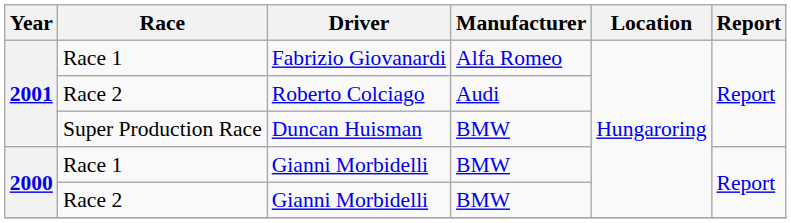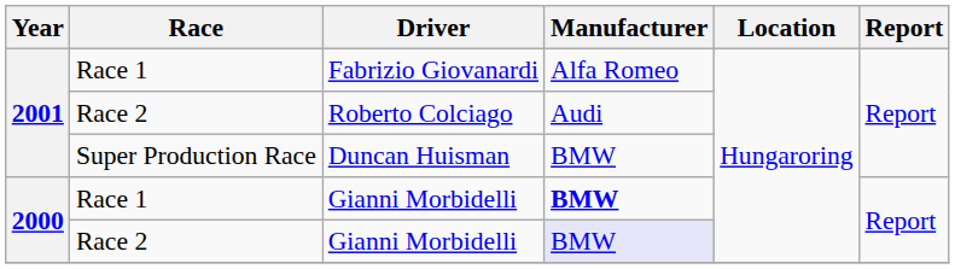 <table class="wikitable" style="font-size: 95%;">
 <tr>
 <th>Year</th>
 <th>Race</th>
 <th>Driver</th>
 <th>Manufacturer</th>
 <th>Location</th>
 <th>Report</th>
 </tr>
 <tr>
 <th rowspan=3><a href='#'>2001</a></th>
 <td>Race 1</td>
 <td> <a href='#'>Fabrizio Giovanardi</a></td>
 <td> <a href='#'>Alfa Romeo</a></td>
 <td rowspan=5><a href='#'>Hungaroring</a></td>
 <td rowspan=3><a href='#'>Report</a></td>
 </tr>
 <tr>
 <td>Race 2</td>
 <td> <a href='#'>Roberto Colciago</a></td>
 <td> <a href='#'>Audi</a></td>
 </tr>
 <tr>
 <td>Super Production Race</td>
 <td> <a href='#'>Duncan Huisman</a></td>
 <td> <a href='#'>BMW</a></td>
 </tr>
 <tr>
 <th rowspan=2><a href='#'>2000</a></th>
 <td>Race 1</td>
 <td> <a href='#'>Gianni Morbidelli</a></td>
-<td> <a href='#'>BMW</a></td>
+<td><strong> <a href='#'>BMW</a></strong></td>
 <td rowspan=2><a href='#'>Report</a></td>
 </tr>
 <tr>
 <td>Race 2</td>
 <td> <a href='#'>Gianni Morbidelli</a></td>
-<td> <a href='#'>BMW</a></td>
+<td style="background: lavender;"> <a href='#'>BMW</a></td>
 </tr>
 <tr>
 </tr>
 </table>
